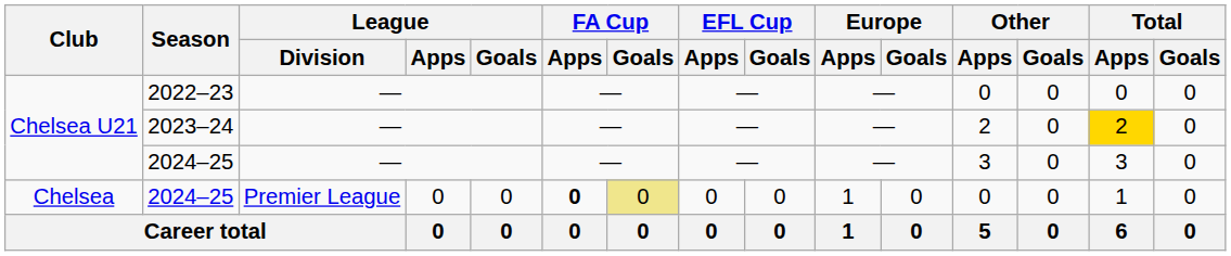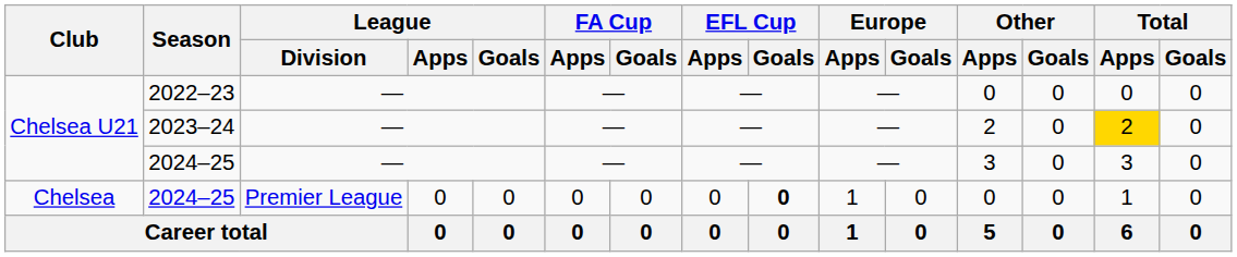 <table class="wikitable" style="text-align: center;">
 <tr>
 <th rowspan=2>Club</th>
 <th rowspan=2>Season</th>
 <th colspan=3>League</th>
 <th colspan=2><a href='#'>FA Cup</a></th>
 <th colspan=2><a href='#'>EFL Cup</a></th>
 <th colspan=2>Europe</th>
 <th colspan=2>Other</th>
 <th colspan=2>Total</th>
 </tr>
 <tr>
 <th>Division</th>
 <th>Apps</th>
 <th>Goals</th>
 <th>Apps</th>
 <th>Goals</th>
 <th>Apps</th>
 <th>Goals</th>
 <th>Apps</th>
 <th>Goals</th>
 <th>Apps</th>
 <th>Goals</th>
 <th>Apps</th>
 <th>Goals</th>
 </tr>
 <tr>
 <td rowspan=3><a href='#'>Chelsea U21</a></td>
 <td>2022–23</td>
 <td colspan=3>—</td>
 <td colspan=2>—</td>
 <td colspan=2>—</td>
 <td colspan=2>—</td>
 <td>0</td>
 <td>0</td>
 <td>0</td>
 <td>0</td>
 </tr>
 <tr>
 <td>2023–24</td>
 <td colspan=3>—</td>
 <td colspan=2>—</td>
 <td colspan=2>—</td>
 <td colspan=2>—</td>
 <td>2</td>
 <td>0</td>
 <td style="background: gold;">2</td>
 <td>0</td>
 </tr>
 <tr>
 <td>2024–25</td>
 <td colspan=3>—</td>
 <td colspan=2>—</td>
 <td colspan=2>—</td>
 <td colspan=2>—</td>
 <td>3</td>
 <td>0</td>
 <td>3</td>
 <td>0</td>
 </tr>
 <tr>
 <td><a href='#'>Chelsea</a></td>
 <td><a href='#'>2024–25</a></td>
 <td><a href='#'>Premier League</a></td>
 <td>0</td>
 <td>0</td>
-<td><strong>0</strong></td>
-<td style="background: khaki;">0</td>
 <td>0</td>
 <td>0</td>
+<td>0</td>
+<td><strong>0</strong></td>
 <td>1</td>
 <td>0</td>
 <td>0</td>
 <td>0</td>
 <td>1</td>
 <td>0</td>
 </tr>
 <tr>
 <th colspan=3>Career total</th>
 <th>0</th>
 <th>0</th>
 <th>0</th>
 <th>0</th>
 <th>0</th>
 <th>0</th>
 <th>1</th>
 <th>0</th>
 <th>5</th>
 <th>0</th>
 <th>6</th>
 <th>0</th>
 </tr>
 </table>
